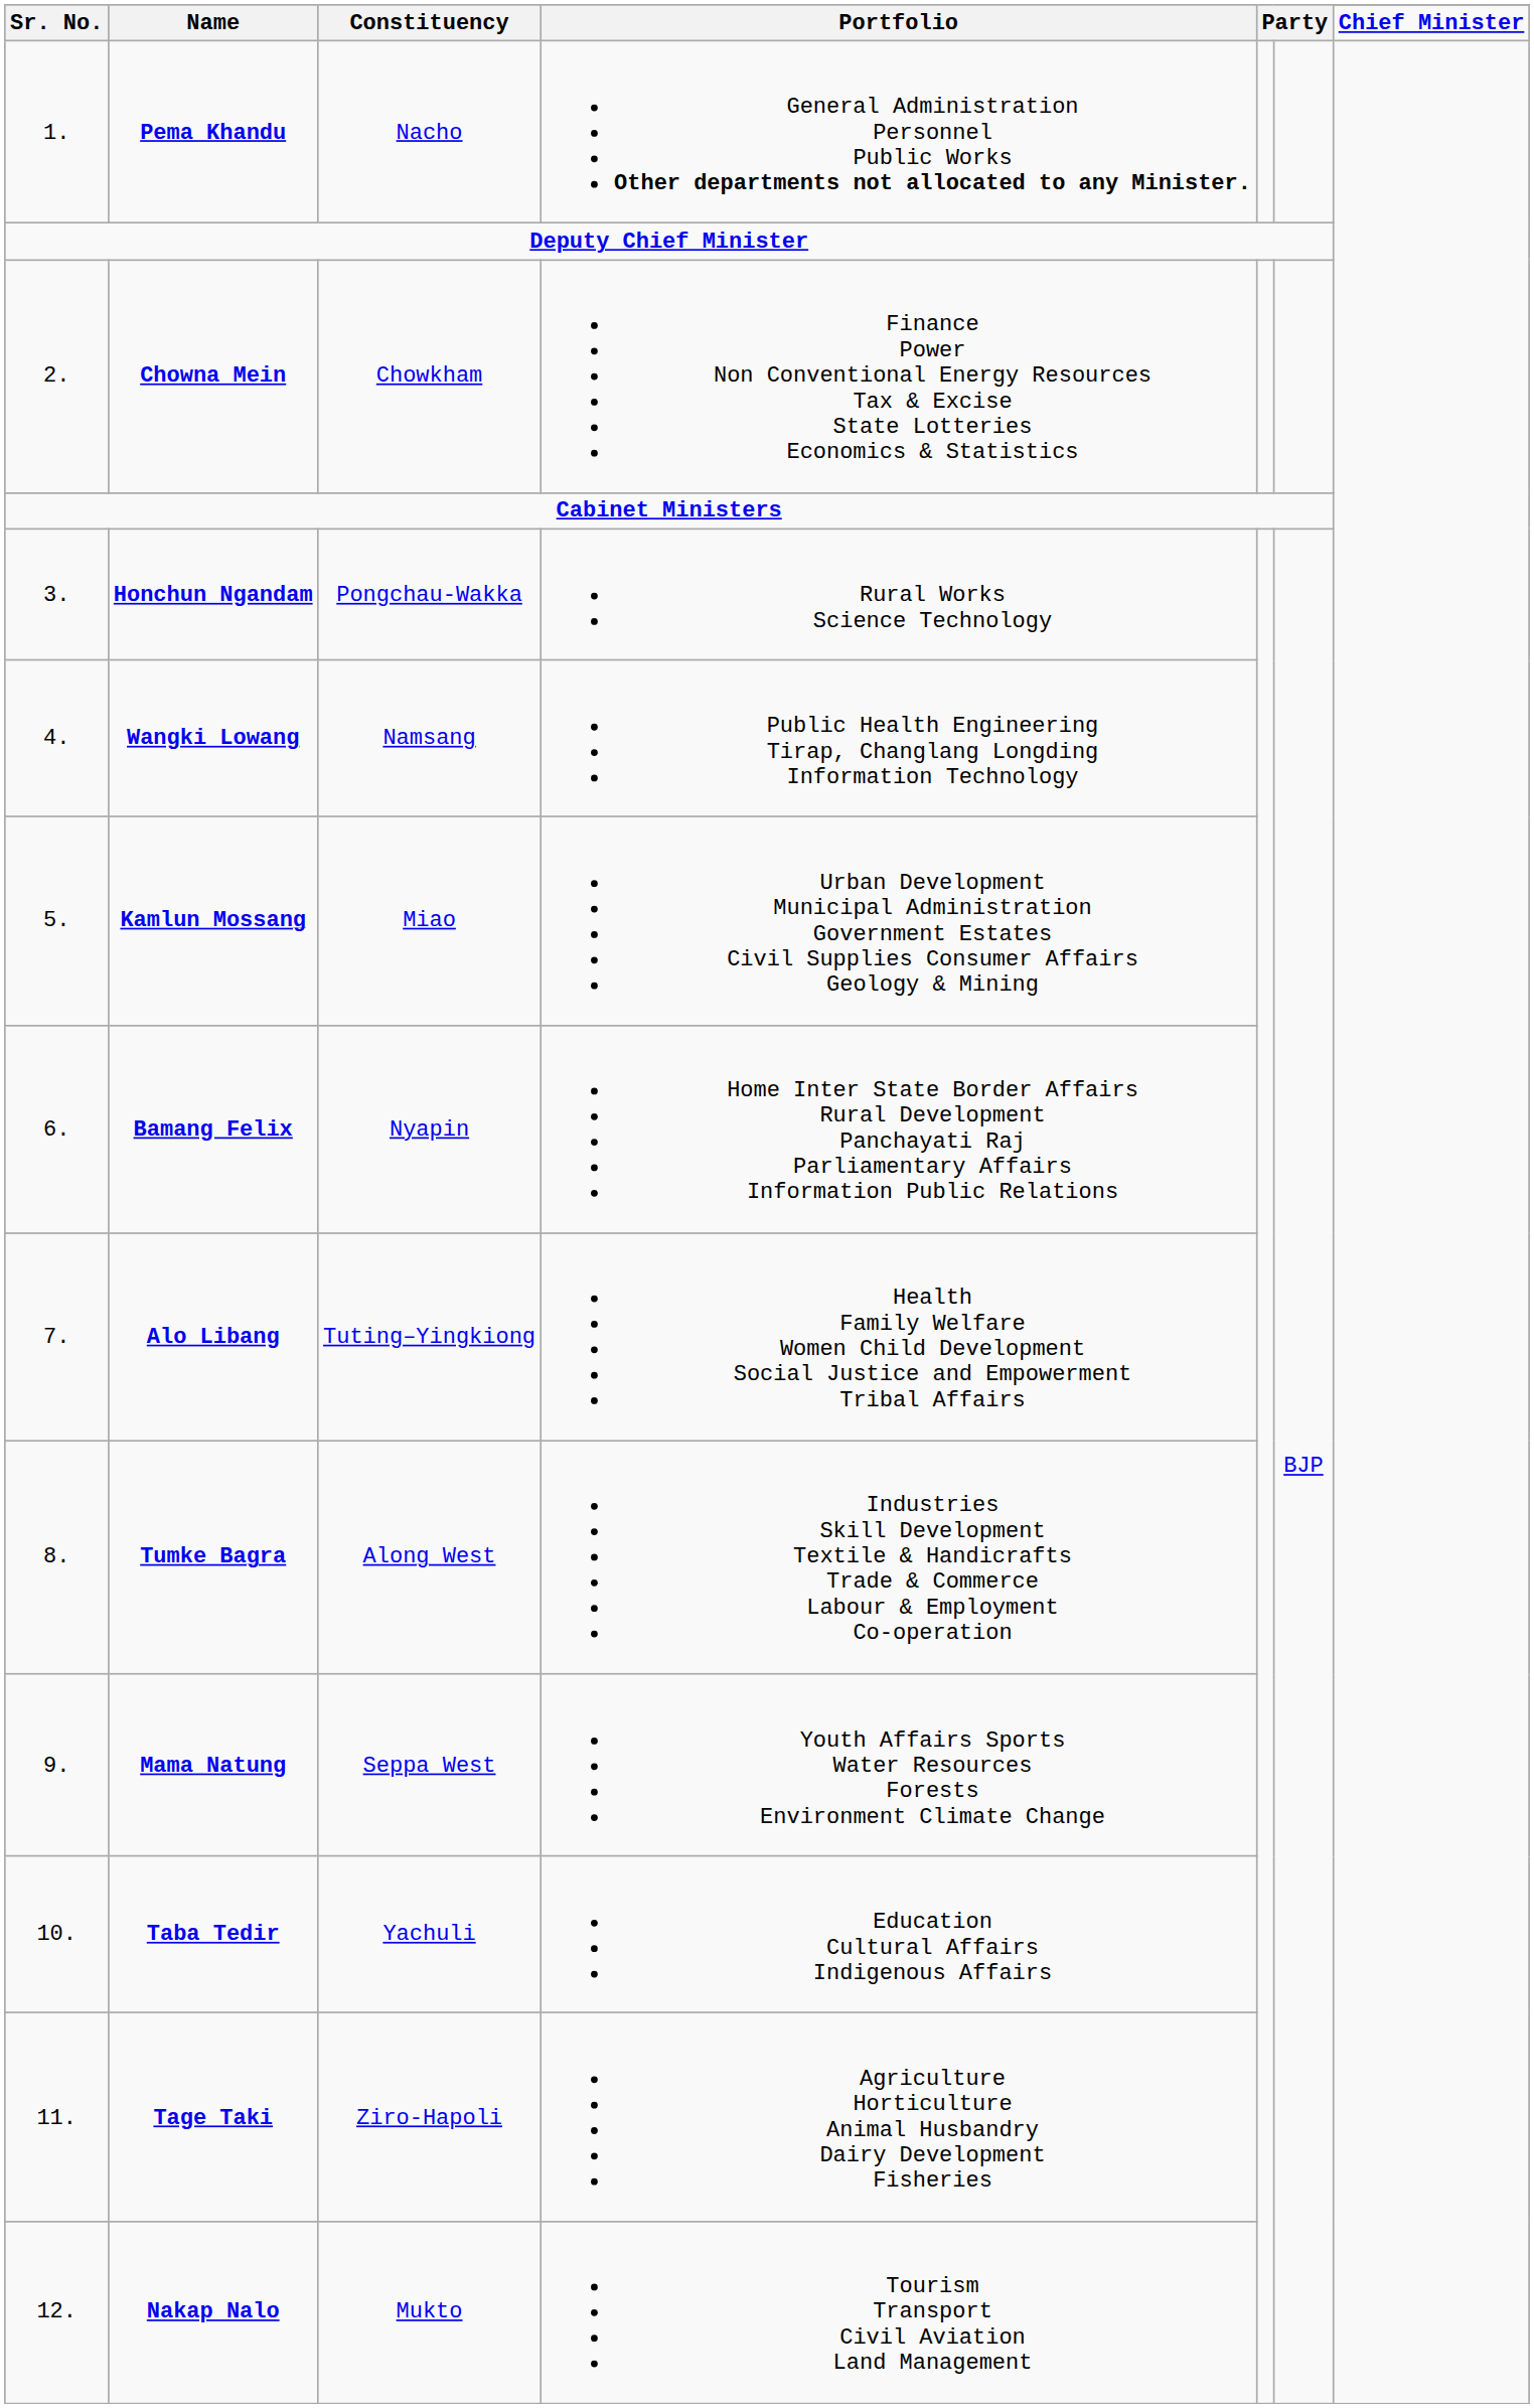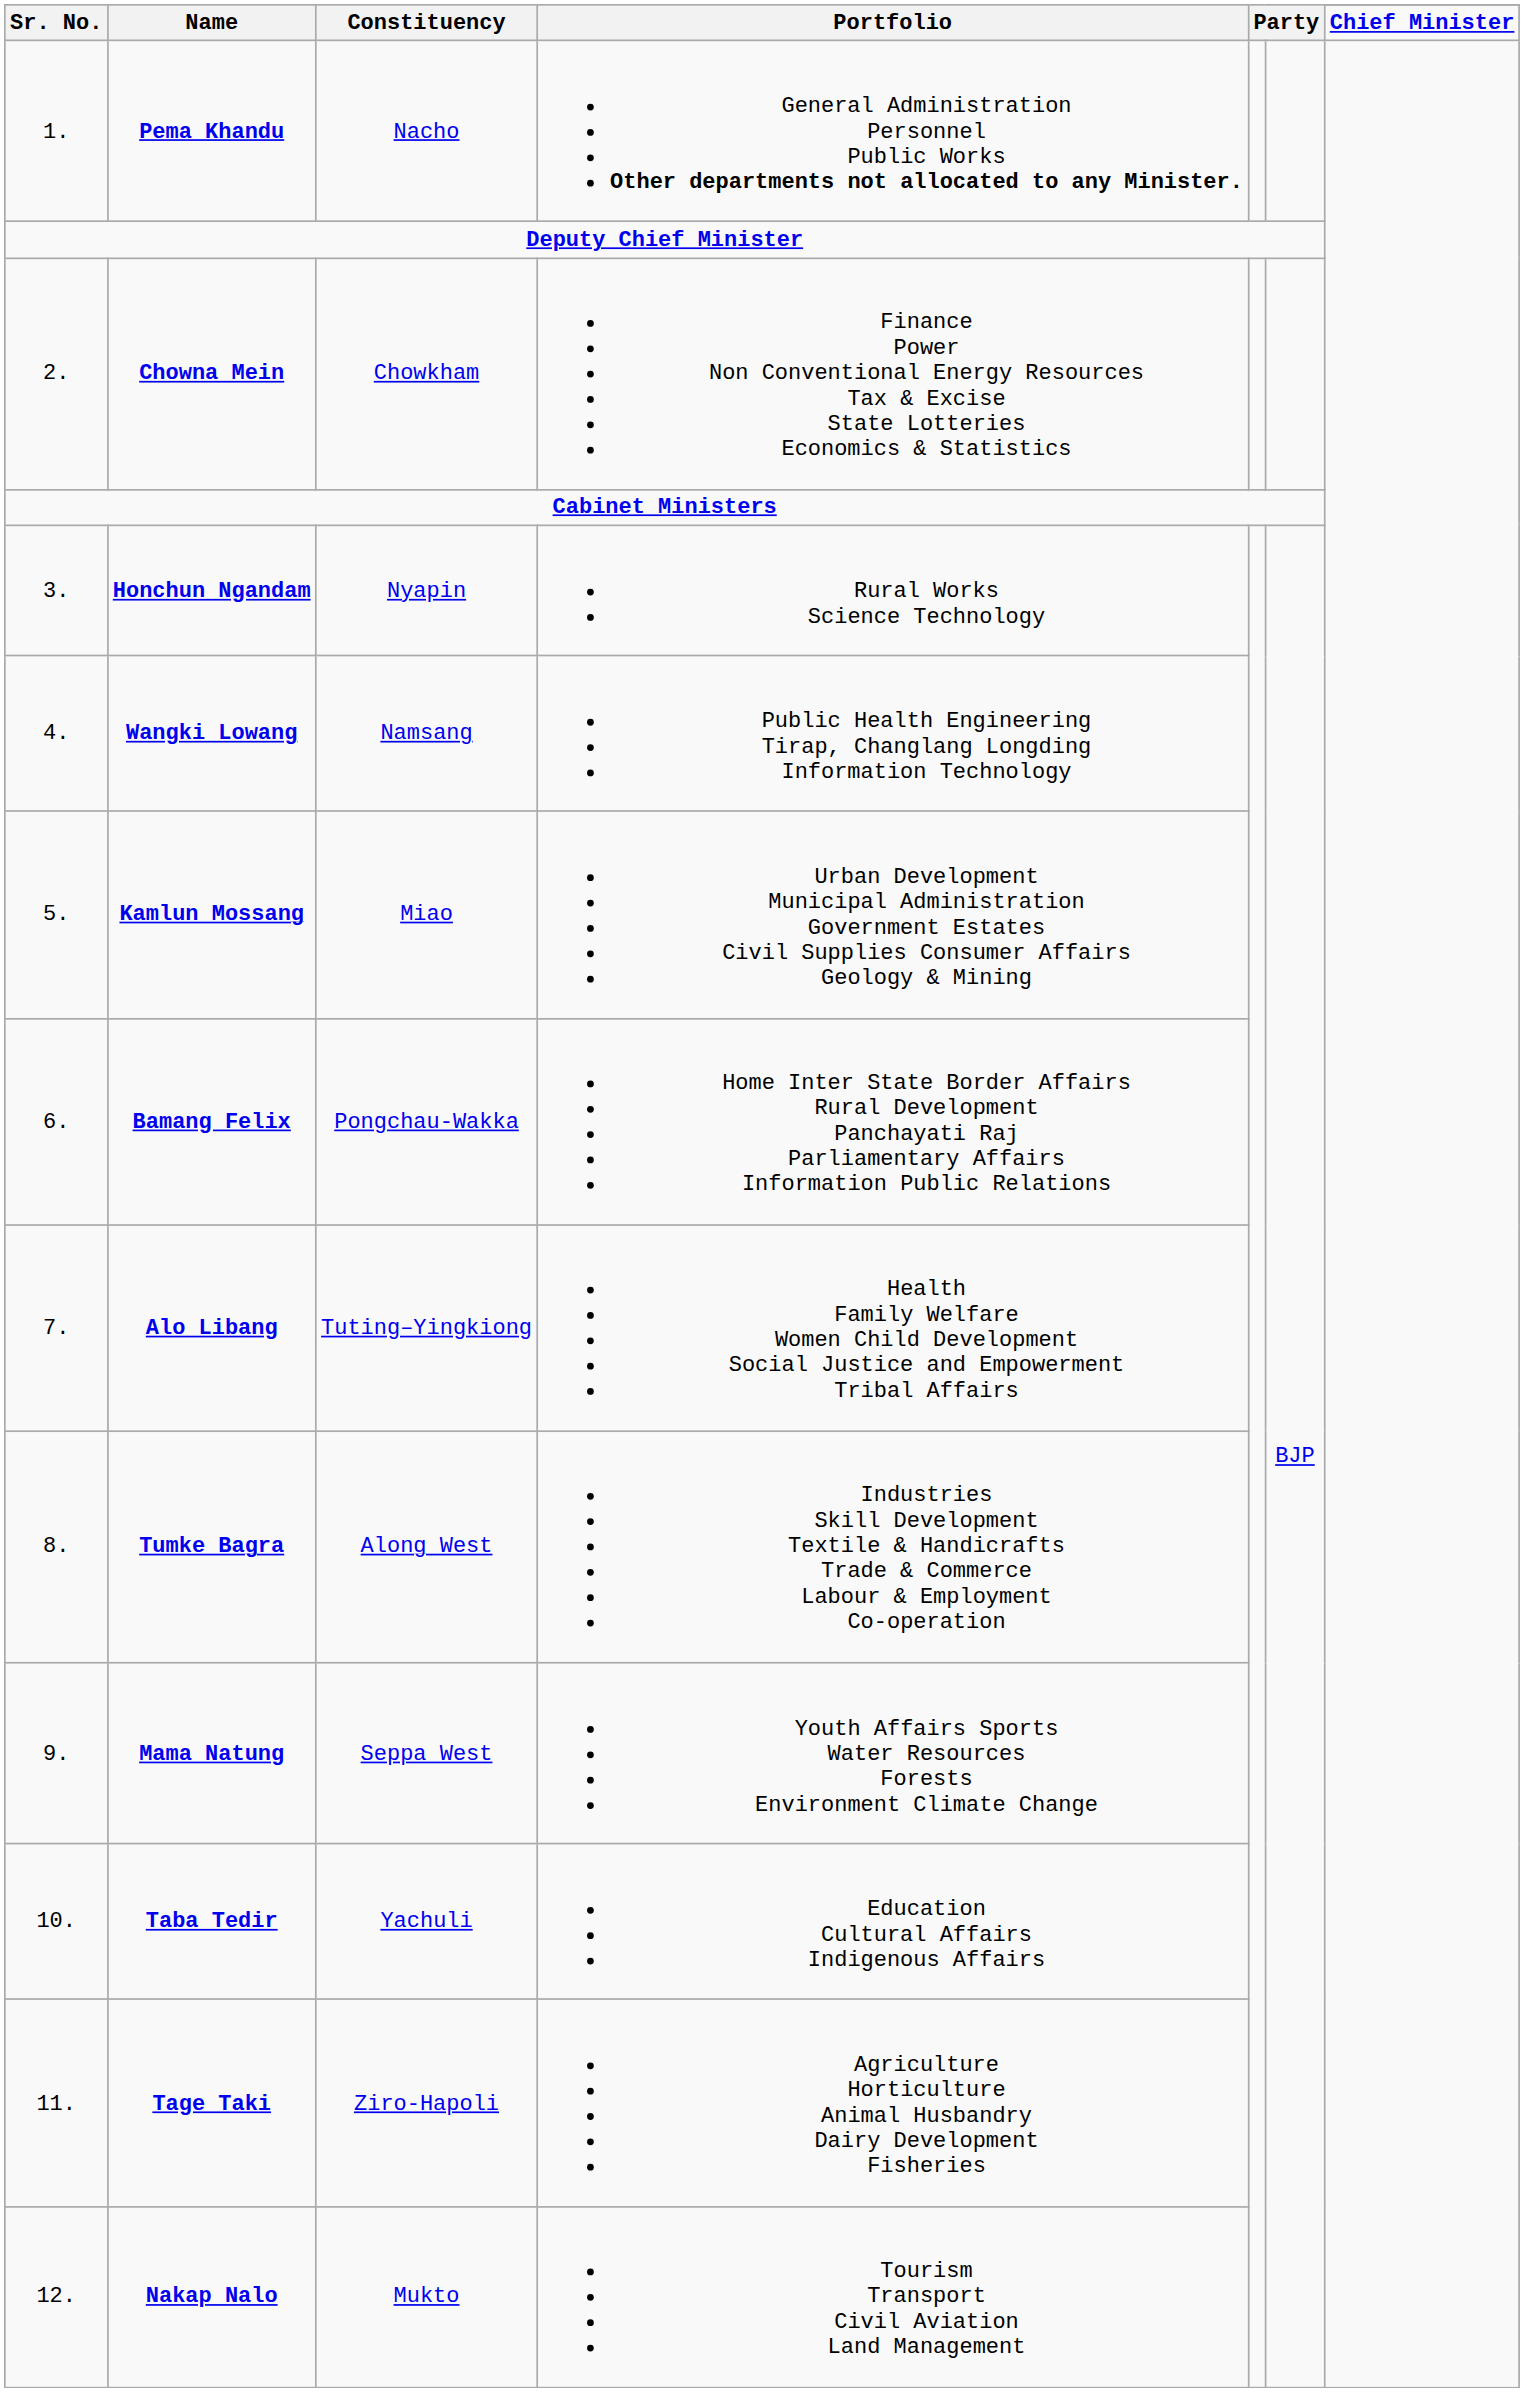 <table class="wikitable sortable" style="text-align:center;">
 <tr>
 <th rowspan = "2">Sr. No.</th>
 <th rowspan = "2">Name</th>
 <th rowspan = "2">Constituency</th>
 <th rowspan = "2">Portfolio</th>
 <th rowspan = "2" colspan="2" scope="col">Party</th>
 </tr>
 <tr>
 <td colspan="6" style="text-align: center;"><strong><a href='#'>Chief Minister</a></strong></td>
 </tr>
 <tr>
 <td>1.</td>
 <td><strong><a href='#'>Pema Khandu</a></strong></td>
 <td><a href='#'>Nacho</a></td>
 <td><br><ul><li>General Administration</li><li>Personnel</li><li>Public Works</li><li><strong>Other departments not allocated to any Minister.</strong></li></ul></td>
 <td rowspan="1" width="4px"></td>
 <td></td>
 </tr>
 <tr>
 <td colspan="6" style="text-align: center;"><strong><a href='#'>Deputy Chief Minister</a></strong></td>
 </tr>
 <tr>
 <td>2.</td>
 <td><strong><a href='#'>Chowna Mein</a></strong></td>
 <td><a href='#'>Chowkham</a></td>
 <td><br><ul><li>Finance</li><li>Power</li><li>Non Conventional Energy Resources</li><li>Tax & Excise</li><li>State Lotteries</li><li>Economics & Statistics</li></ul></td>
 <td rowspan="1" width="4px"></td>
 <td></td>
 </tr>
 <tr>
 <td colspan="6" style="text-align: center;"><strong><a href='#'>Cabinet Ministers</a></strong></td>
 </tr>
 <tr>
 <td>3.</td>
 <td><strong><a href='#'>Honchun Ngandam</a></strong></td>
-<td><a href='#'>Pongchau-Wakka</a></td>
+<td><a href='#'>Nyapin</a></td>
 <td><br><ul><li>Rural Works</li><li>Science  Technology</li></ul></td>
 <td rowspan="10" width="4px"></td>
 <td rowspan="10"><a href='#'>BJP</a></td>
 </tr>
 <tr>
 <td>4.</td>
 <td><strong><a href='#'>Wangki Lowang</a></strong></td>
 <td><a href='#'>Namsang</a></td>
 <td><br><ul><li>Public Health Engineering</li><li>Tirap, Changlang  Longding</li><li>Information Technology</li></ul></td>
 </tr>
 <tr>
 <td>5.</td>
 <td><strong><a href='#'>Kamlun Mossang</a></strong></td>
 <td><a href='#'>Miao</a></td>
 <td><br><ul><li>Urban Development</li><li>Municipal Administration</li><li>Government Estates</li><li>Civil Supplies  Consumer Affairs</li><li>Geology & Mining</li></ul></td>
 </tr>
 <tr>
 <td>6.</td>
 <td><strong><a href='#'>Bamang Felix</a></strong></td>
-<td><a href='#'>Nyapin</a></td>
+<td><a href='#'>Pongchau-Wakka</a></td>
 <td><br><ul><li>Home  Inter State Border Affairs</li><li>Rural Development</li><li>Panchayati Raj</li><li>Parliamentary Affairs</li><li>Information  Public Relations</li></ul></td>
 </tr>
 <tr>
 <td>7.</td>
 <td><strong><a href='#'>Alo Libang</a></strong></td>
 <td><a href='#'>Tuting–Yingkiong</a></td>
 <td><br><ul><li>Health</li><li>Family Welfare</li><li>Women  Child Development</li><li>Social Justice and Empowerment</li><li>Tribal Affairs</li></ul></td>
 </tr>
 <tr>
 <td>8.</td>
 <td><strong><a href='#'>Tumke Bagra</a></strong></td>
 <td><a href='#'>Along West</a></td>
 <td><br><ul><li>Industries</li><li>Skill Development</li><li>Textile & Handicrafts</li><li>Trade & Commerce</li><li>Labour & Employment</li><li>Co-operation</li></ul></td>
 </tr>
 <tr>
 <td>9.</td>
 <td><strong><a href='#'>Mama Natung</a></strong></td>
 <td><a href='#'>Seppa West</a></td>
 <td><br><ul><li>Youth Affairs  Sports</li><li>Water Resources</li><li>Forests</li><li>Environment  Climate Change</li></ul></td>
 </tr>
 <tr>
 <td>10.</td>
 <td><strong><a href='#'>Taba Tedir</a></strong></td>
 <td><a href='#'>Yachuli</a></td>
 <td><br><ul><li>Education</li><li>Cultural Affairs</li><li>Indigenous Affairs</li></ul></td>
 </tr>
 <tr>
 <td>11.</td>
 <td><strong><a href='#'>Tage Taki</a></strong></td>
 <td><a href='#'>Ziro-Hapoli</a></td>
 <td><br><ul><li>Agriculture</li><li>Horticulture</li><li>Animal Husbandry</li><li>Dairy Development</li><li>Fisheries</li></ul></td>
 </tr>
 <tr>
 <td>12.</td>
 <td><strong><a href='#'>Nakap Nalo</a></strong></td>
 <td><a href='#'>Mukto</a></td>
 <td><br><ul><li>Tourism</li><li>Transport</li><li>Civil Aviation</li><li>Land Management</li></ul></td>
 </tr>
 <tr>
 </tr>
 </table>
